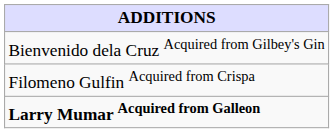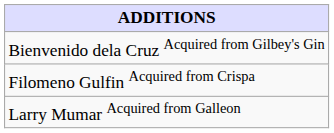 <table class="wikitable" border="1">
 <tr>
 <th style="background:#DDDDFF;"><strong>ADDITIONS</strong></th>
 </tr>
 <tr>
 <td>Bienvenido dela Cruz <sup>Acquired from Gilbey's Gin</sup></td>
 </tr>
 <tr>
 <td>Filomeno Gulfin <sup>Acquired from Crispa</sup></td>
 </tr>
 <tr>
-<td><strong>Larry Mumar <sup>Acquired from Galleon</sup></strong></td>
+<td>Larry Mumar <sup>Acquired from Galleon</sup></td>
 </tr>
 </table>
